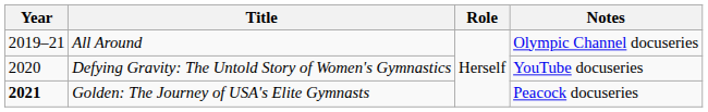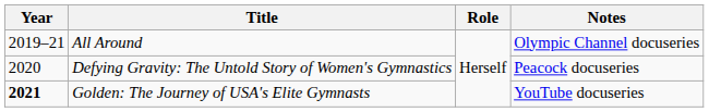 <table class="wikitable sortable">
 <tr>
 <th>Year</th>
 <th>Title</th>
 <th>Role</th>
 <th class="unsortable">Notes</th>
 </tr>
 <tr>
 <td>2019–21</td>
 <td><em>All Around</em></td>
 <td rowspan="3">Herself</td>
 <td><a href='#'>Olympic Channel</a> docuseries</td>
 </tr>
 <tr>
 <td>2020</td>
 <td><em>Defying Gravity: The Untold Story of Women's Gymnastics</em></td>
-<td><a href='#'>YouTube</a> docuseries</td>
+<td><a href='#'>Peacock</a> docuseries</td>
 </tr>
 <tr>
 <td><strong>2021</strong></td>
 <td><em>Golden: The Journey of USA's Elite Gymnasts</em></td>
-<td><a href='#'>Peacock</a> docuseries</td>
+<td><a href='#'>YouTube</a> docuseries</td>
 </tr>
 </table>
